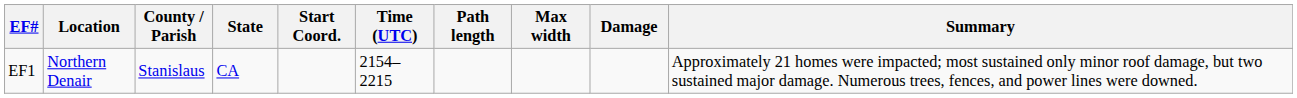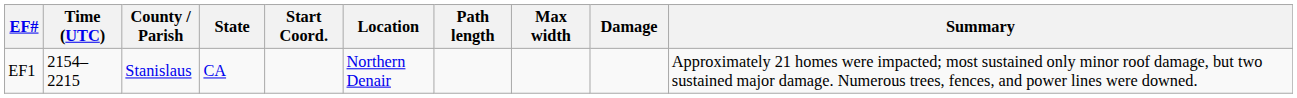 <table class="wikitable sortable" style="width:100%;">
 <tr>
 <th scope="col"  style="width:3%; text-align:center;"><a href='#'>EF#</a></th>
-<th scope="col"  style="width:7%; text-align:center;" class="unsortable">Location</th>
+<th scope="col"  style="width:6%; text-align:center;">Time (<a href='#'>UTC</a>)</th>
 <th scope="col"  style="width:6%; text-align:center;" class="unsortable">County / Parish</th>
 <th scope="col"  style="width:5%; text-align:center;">State</th>
 <th scope="col"  style="width:6%; text-align:center;">Start Coord.</th>
-<th scope="col"  style="width:6%; text-align:center;">Time (<a href='#'>UTC</a>)</th>
+<th scope="col"  style="width:7%; text-align:center;" class="unsortable">Location</th>
 <th scope="col"  style="width:6%; text-align:center;">Path length</th>
 <th scope="col"  style="width:6%; text-align:center;">Max width</th>
 <th scope="col"  style="width:6%; text-align:center;">Damage</th>
 <th scope="col" class="unsortable" style="width:48%; text-align:center;">Summary</th>
 </tr>
 <tr>
 <td>EF1</td>
-<td><a href='#'>Northern Denair</a></td>
+<td>2154–2215</td>
 <td><a href='#'>Stanislaus</a></td>
 <td><a href='#'>CA</a></td>
 <td></td>
-<td>2154–2215</td>
+<td><a href='#'>Northern Denair</a></td>
 <td></td>
 <td></td>
 <td></td>
 <td>Approximately 21 homes were impacted; most sustained only minor roof damage, but two sustained major damage. Numerous trees, fences, and power lines were downed.</td>
 </tr>
 </table>
